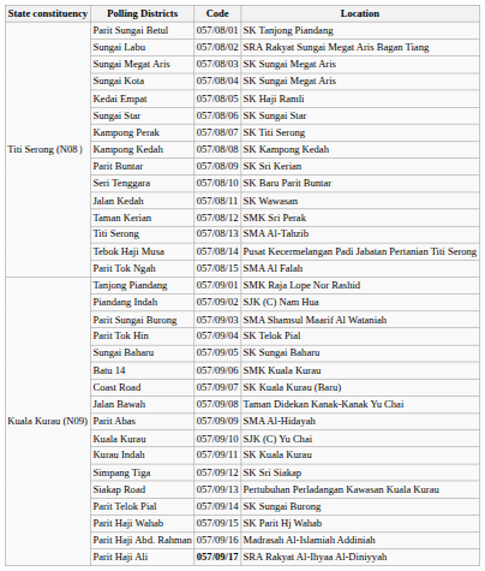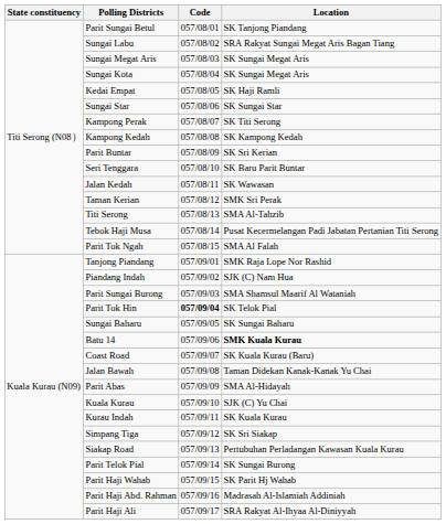 <table class="wikitable sortable mw-collapsible" style="white-space:nowrap;font-size:85%">
 <tr>
 <th>State constituency</th>
 <th>Polling Districts</th>
 <th>Code</th>
 <th>Location</th>
 </tr>
 <tr>
 <td rowspan="15">Titi Serong (N08）</td>
 <td>Parit Sungai Betul</td>
 <td>057/08/01</td>
 <td>SK Tanjong Piandang</td>
 </tr>
 <tr>
 <td>Sungai Labu</td>
 <td>057/08/02</td>
 <td>SRA Rakyat Sungai Megat Aris Bagan Tiang</td>
 </tr>
 <tr>
 <td>Sungai Megat Aris</td>
 <td>057/08/03</td>
 <td>SK Sungai Megat Aris</td>
 </tr>
 <tr>
 <td>Sungai Kota</td>
 <td>057/08/04</td>
 <td>SK Sungai Megat Aris</td>
 </tr>
 <tr>
 <td>Kedai Empat</td>
 <td>057/08/05</td>
 <td>SK Haji Ramli</td>
 </tr>
 <tr>
 <td>Sungai Star</td>
 <td>057/08/06</td>
 <td>SK Sungai Star</td>
 </tr>
 <tr>
 <td>Kampong Perak</td>
 <td>057/08/07</td>
 <td>SK Titi Serong</td>
 </tr>
 <tr>
 <td>Kampong Kedah</td>
 <td>057/08/08</td>
 <td>SK Kampong Kedah</td>
 </tr>
 <tr>
 <td>Parit Buntar</td>
 <td>057/08/09</td>
 <td>SK Sri Kerian</td>
 </tr>
 <tr>
 <td>Seri Tenggara</td>
 <td>057/08/10</td>
 <td>SK Baru Parit Buntar</td>
 </tr>
 <tr>
 <td>Jalan Kedah</td>
 <td>057/08/11</td>
 <td>SK Wawasan</td>
 </tr>
 <tr>
 <td>Taman Kerian</td>
 <td>057/08/12</td>
 <td>SMK Sri Perak</td>
 </tr>
 <tr>
 <td>Titi Serong</td>
 <td>057/08/13</td>
 <td>SMA Al-Tahzib</td>
 </tr>
 <tr>
 <td>Tebok Haji Musa</td>
 <td>057/08/14</td>
 <td>Pusat Kecermelangan Padi Jabatan Pertanian Titi Serong</td>
 </tr>
 <tr>
 <td>Parit Tok Ngah</td>
 <td>057/08/15</td>
 <td>SMA Al Falah</td>
 </tr>
 <tr>
 <td rowspan="17">Kuala Kurau (N09)</td>
 <td>Tanjong Piandang</td>
 <td>057/09/01</td>
 <td>SMK Raja Lope Nor Rashid</td>
 </tr>
 <tr>
 <td>Piandang Indah</td>
 <td>057/09/02</td>
 <td>SJK (C) Nam Hua</td>
 </tr>
 <tr>
 <td>Parit Sungai Burong</td>
 <td>057/09/03</td>
 <td>SMA Shamsul Maarif Al Wataniah</td>
 </tr>
 <tr>
 <td>Parit Tok Hin</td>
-<td>057/09/04</td>
+<td><strong>057/09/04</strong></td>
 <td>SK Telok Pial</td>
 </tr>
 <tr>
 <td>Sungai Baharu</td>
 <td>057/09/05</td>
 <td>SK Sungai Baharu</td>
 </tr>
 <tr>
 <td>Batu 14</td>
 <td>057/09/06</td>
-<td>SMK Kuala Kurau</td>
+<td><strong>SMK Kuala Kurau</strong></td>
 </tr>
 <tr>
 <td>Coast Road</td>
 <td>057/09/07</td>
 <td>SK Kuala Kurau (Baru)</td>
 </tr>
 <tr>
 <td>Jalan Bawah</td>
 <td>057/09/08</td>
 <td>Taman Didekan Kanak-Kanak Yu Chai</td>
 </tr>
 <tr>
 <td>Parit Abas</td>
 <td>057/09/09</td>
 <td>SMA Al-Hidayah</td>
 </tr>
 <tr>
 <td>Kuala Kurau</td>
 <td>057/09/10</td>
 <td>SJK (C) Yu Chai</td>
 </tr>
 <tr>
 <td>Kurau Indah</td>
 <td>057/09/11</td>
 <td>SK Kuala Kurau</td>
 </tr>
 <tr>
 <td>Simpang Tiga</td>
 <td>057/09/12</td>
 <td>SK Sri Siakap</td>
 </tr>
 <tr>
 <td>Siakap Road</td>
 <td>057/09/13</td>
 <td>Pertubuhan Perladangan Kawasan Kuala Kurau</td>
 </tr>
 <tr>
 <td>Parit Telok Pial</td>
 <td>057/09/14</td>
 <td>SK Sungai Burong</td>
 </tr>
 <tr>
 <td>Parit Haji Wahab</td>
 <td>057/09/15</td>
 <td>SK Parit Hj Wahab</td>
 </tr>
 <tr>
 <td>Parit Haji Abd. Rahman</td>
 <td>057/09/16</td>
 <td>Madrasah Al-Islamiah Addiniah</td>
 </tr>
 <tr>
 <td>Parit Haji Ali</td>
-<td><strong>057/09/17</strong></td>
+<td>057/09/17</td>
 <td>SRA Rakyat Al-Ihyaa Al-Diniyyah</td>
 </tr>
 </table>
